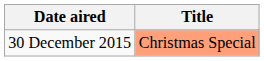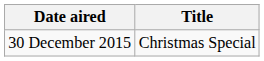 <table class="wikitable" style="text-align:center;">
 <tr>
 <th>Date aired</th>
 <th>Title</th>
 </tr>
 <tr>
 <td>30 December 2015</td>
-<td style="background: lightsalmon;">Christmas Special</td>
+<td>Christmas Special</td>
 </tr>
 </table>
